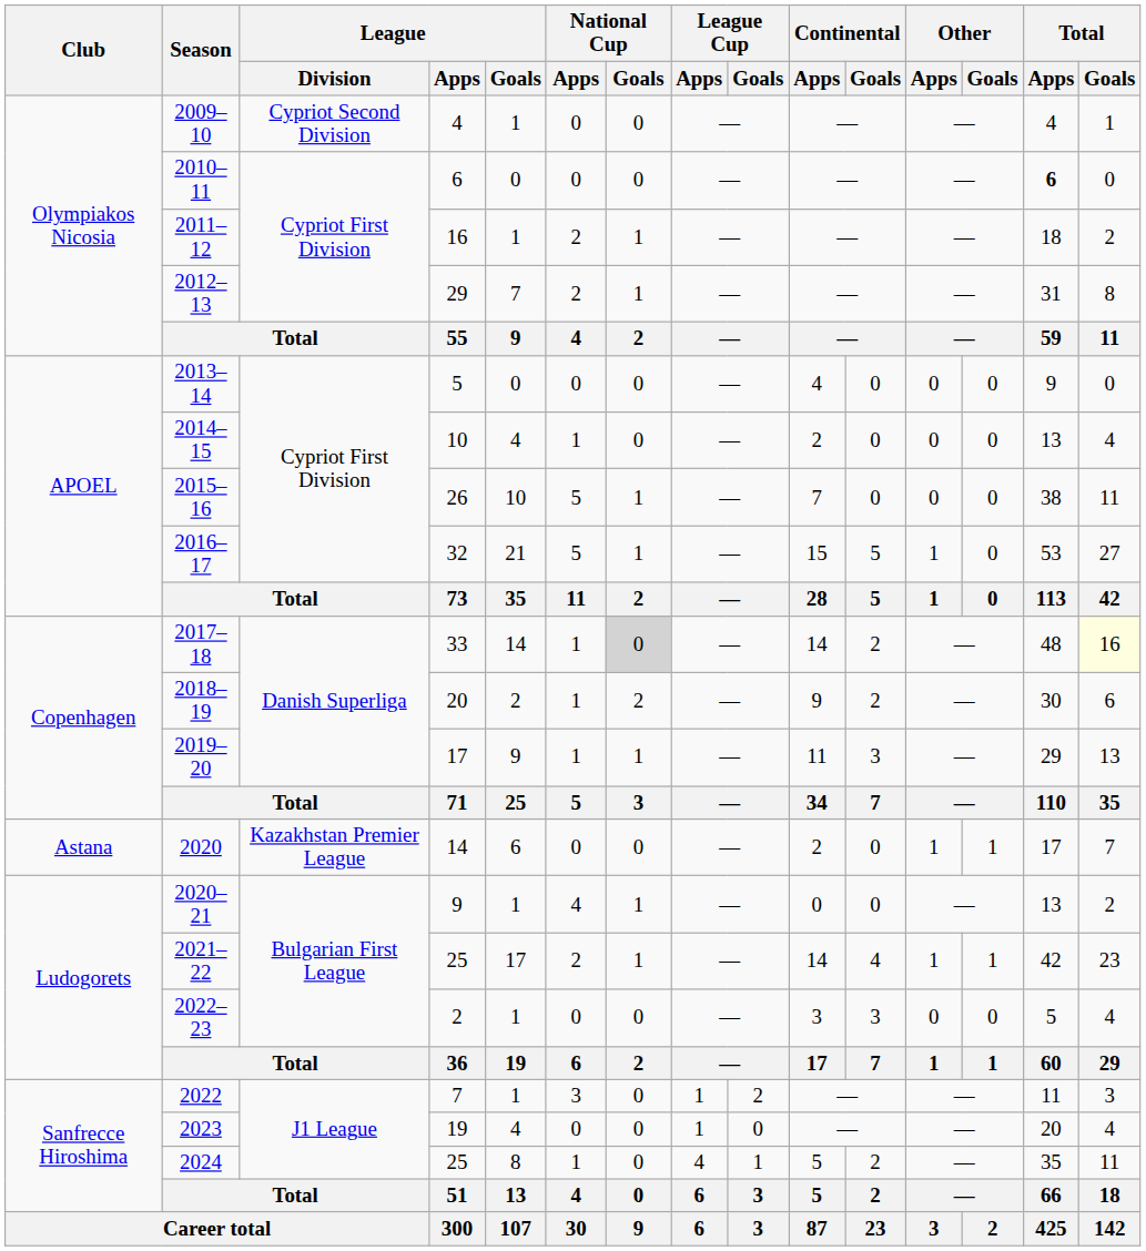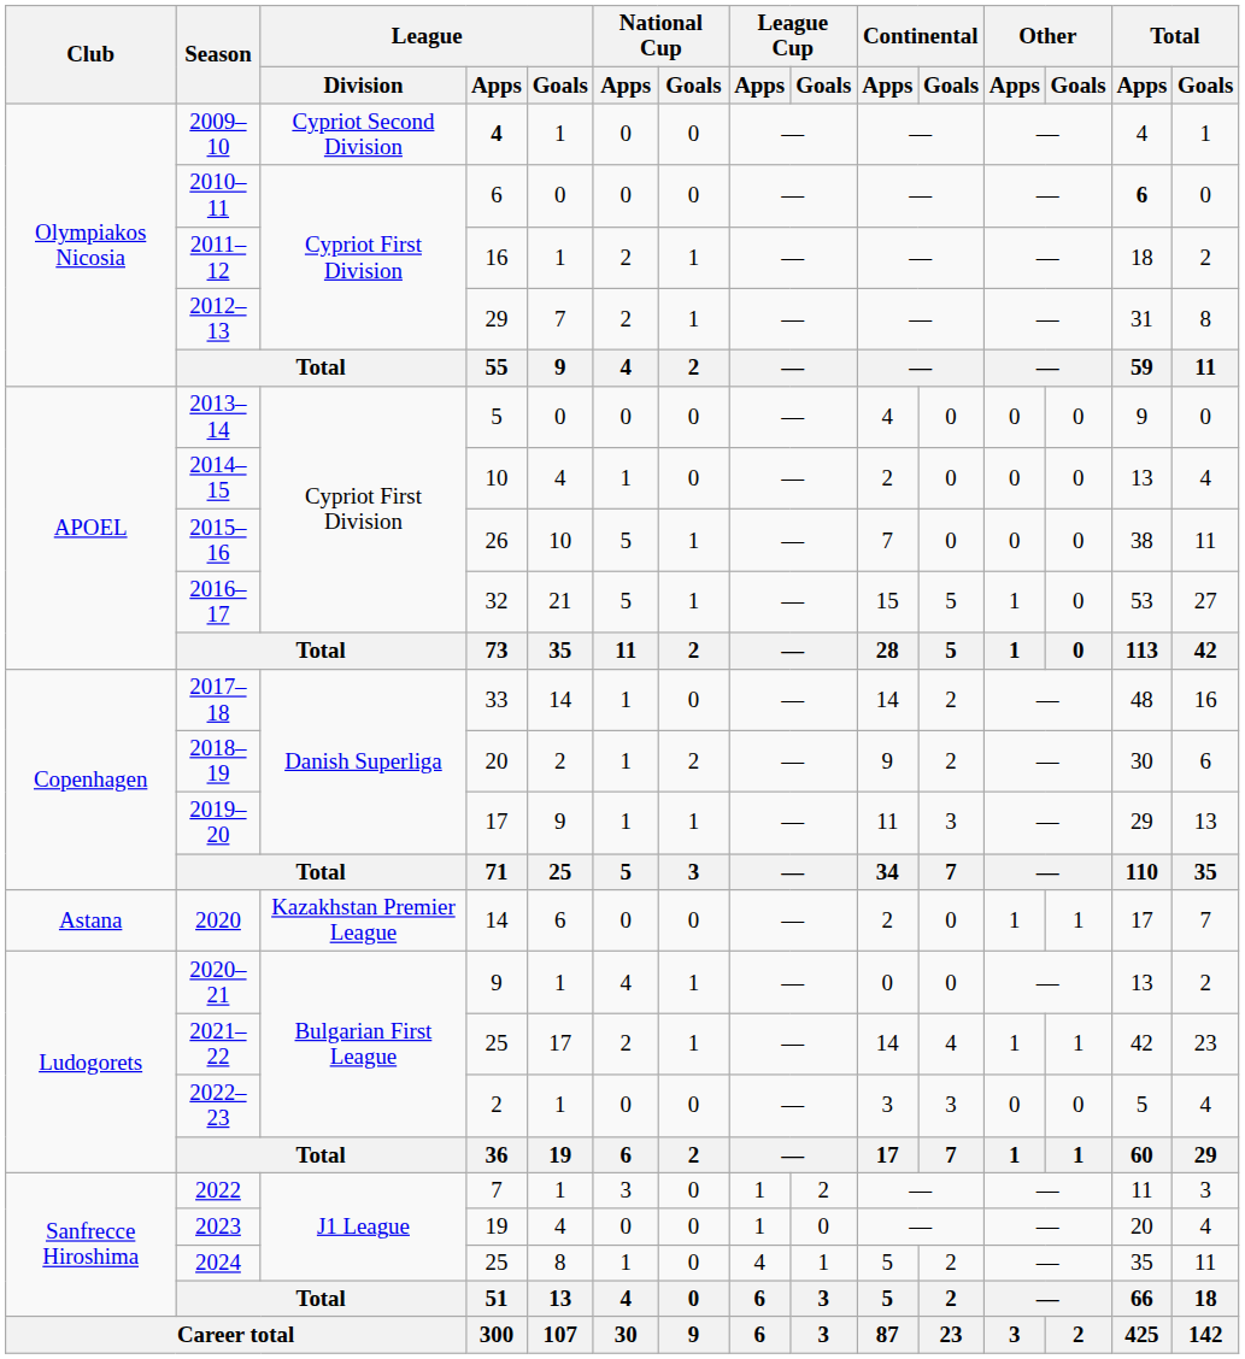 <table class="wikitable" style="text-align: center">
 <tr>
 <th rowspan="2">Club</th>
 <th rowspan="2">Season</th>
 <th colspan="3">League</th>
 <th colspan="2">National Cup</th>
 <th colspan="2">League Cup</th>
 <th colspan="2">Continental</th>
 <th colspan="2">Other</th>
 <th colspan="2">Total</th>
 </tr>
 <tr>
 <th>Division</th>
 <th>Apps</th>
 <th>Goals</th>
 <th>Apps</th>
 <th>Goals</th>
 <th>Apps</th>
 <th>Goals</th>
 <th>Apps</th>
 <th>Goals</th>
 <th>Apps</th>
 <th>Goals</th>
 <th>Apps</th>
 <th>Goals</th>
 </tr>
 <tr>
 <td rowspan="5"><a href='#'>Olympiakos Nicosia</a></td>
 <td><a href='#'>2009–10</a></td>
 <td><a href='#'>Cypriot Second Division</a></td>
-<td>4</td>
+<td><strong>4</strong></td>
 <td>1</td>
 <td>0</td>
 <td>0</td>
 <td colspan="2">—</td>
 <td colspan="2">—</td>
 <td colspan="2">—</td>
 <td>4</td>
 <td>1</td>
 </tr>
 <tr>
 <td><a href='#'>2010–11</a></td>
 <td rowspan="3"><a href='#'>Cypriot First Division</a></td>
 <td>6</td>
 <td>0</td>
 <td>0</td>
 <td>0</td>
 <td colspan="2">—</td>
 <td colspan="2">—</td>
 <td colspan="2">—</td>
 <td><strong>6</strong></td>
 <td>0</td>
 </tr>
 <tr>
 <td><a href='#'>2011–12</a></td>
 <td>16</td>
 <td>1</td>
 <td>2</td>
 <td>1</td>
 <td colspan="2">—</td>
 <td colspan="2">—</td>
 <td colspan="2">—</td>
 <td>18</td>
 <td>2</td>
 </tr>
 <tr>
 <td><a href='#'>2012–13</a></td>
 <td>29</td>
 <td>7</td>
 <td>2</td>
 <td>1</td>
 <td colspan="2">—</td>
 <td colspan="2">—</td>
 <td colspan="2">—</td>
 <td>31</td>
 <td>8</td>
 </tr>
 <tr>
 <th colspan="2">Total</th>
 <th>55</th>
 <th>9</th>
 <th>4</th>
 <th>2</th>
 <th colspan="2">—</th>
 <th colspan="2">—</th>
 <th colspan="2">—</th>
 <th>59</th>
 <th>11</th>
 </tr>
 <tr>
 <td rowspan="5"><a href='#'>APOEL</a></td>
 <td><a href='#'>2013–14</a></td>
 <td rowspan="4">Cypriot First Division</td>
 <td>5</td>
 <td>0</td>
 <td>0</td>
 <td>0</td>
 <td colspan="2">—</td>
 <td>4</td>
 <td>0</td>
 <td>0</td>
 <td>0</td>
 <td>9</td>
 <td>0</td>
 </tr>
 <tr>
 <td><a href='#'>2014–15</a></td>
 <td>10</td>
 <td>4</td>
 <td>1</td>
 <td>0</td>
 <td colspan="2">—</td>
 <td>2</td>
 <td>0</td>
 <td>0</td>
 <td>0</td>
 <td>13</td>
 <td>4</td>
 </tr>
 <tr>
 <td><a href='#'>2015–16</a></td>
 <td>26</td>
 <td>10</td>
 <td>5</td>
 <td>1</td>
 <td colspan="2">—</td>
 <td>7</td>
 <td>0</td>
 <td>0</td>
 <td>0</td>
 <td>38</td>
 <td>11</td>
 </tr>
 <tr>
 <td><a href='#'>2016–17</a></td>
 <td>32</td>
 <td>21</td>
 <td>5</td>
 <td>1</td>
 <td colspan="2">—</td>
 <td>15</td>
 <td>5</td>
 <td>1</td>
 <td>0</td>
 <td>53</td>
 <td>27</td>
 </tr>
 <tr>
 <th colspan="2">Total</th>
 <th>73</th>
 <th>35</th>
 <th>11</th>
 <th>2</th>
 <th colspan="2">—</th>
 <th>28</th>
 <th>5</th>
 <th>1</th>
 <th>0</th>
 <th>113</th>
 <th>42</th>
 </tr>
 <tr>
 <td rowspan="4"><a href='#'>Copenhagen</a></td>
 <td><a href='#'>2017–18</a></td>
 <td rowspan="3"><a href='#'>Danish Superliga</a></td>
 <td>33</td>
 <td>14</td>
 <td>1</td>
-<td style="background: lightgrey;">0</td>
+<td>0</td>
 <td colspan="2">—</td>
 <td>14</td>
 <td>2</td>
 <td colspan="2">—</td>
 <td>48</td>
-<td style="background: lightyellow;">16</td>
+<td>16</td>
 </tr>
 <tr>
 <td><a href='#'>2018–19</a></td>
 <td>20</td>
 <td>2</td>
 <td>1</td>
 <td>2</td>
 <td colspan="2">—</td>
 <td>9</td>
 <td>2</td>
 <td colspan="2">—</td>
 <td>30</td>
 <td>6</td>
 </tr>
 <tr>
 <td><a href='#'>2019–20</a></td>
 <td>17</td>
 <td>9</td>
 <td>1</td>
 <td>1</td>
 <td colspan="2">—</td>
 <td>11</td>
 <td>3</td>
 <td colspan="2">—</td>
 <td>29</td>
 <td>13</td>
 </tr>
 <tr>
 <th colspan="2">Total</th>
 <th>71</th>
 <th>25</th>
 <th>5</th>
 <th>3</th>
 <th colspan="2">—</th>
 <th>34</th>
 <th>7</th>
 <th colspan="2">—</th>
 <th>110</th>
 <th>35</th>
 </tr>
 <tr>
 <td><a href='#'>Astana</a></td>
 <td><a href='#'>2020</a></td>
 <td><a href='#'>Kazakhstan Premier League</a></td>
 <td>14</td>
 <td>6</td>
 <td>0</td>
 <td>0</td>
 <td colspan="2">—</td>
 <td>2</td>
 <td>0</td>
 <td>1</td>
 <td>1</td>
 <td>17</td>
 <td>7</td>
 </tr>
 <tr>
 <td rowspan="4"><a href='#'>Ludogorets</a></td>
 <td><a href='#'>2020–21</a></td>
 <td rowspan="3"><a href='#'>Bulgarian First League</a></td>
 <td>9</td>
 <td>1</td>
 <td>4</td>
 <td>1</td>
 <td colspan="2">—</td>
 <td>0</td>
 <td>0</td>
 <td colspan="2">—</td>
 <td>13</td>
 <td>2</td>
 </tr>
 <tr>
 <td><a href='#'>2021–22</a></td>
 <td>25</td>
 <td>17</td>
 <td>2</td>
 <td>1</td>
 <td colspan="2">—</td>
 <td>14</td>
 <td>4</td>
 <td>1</td>
 <td>1</td>
 <td>42</td>
 <td>23</td>
 </tr>
 <tr>
 <td><a href='#'>2022–23</a></td>
 <td>2</td>
 <td>1</td>
 <td>0</td>
 <td>0</td>
 <td colspan="2">—</td>
 <td>3</td>
 <td>3</td>
 <td>0</td>
 <td>0</td>
 <td>5</td>
 <td>4</td>
 </tr>
 <tr>
 <th colspan="2">Total</th>
 <th>36</th>
 <th>19</th>
 <th>6</th>
 <th>2</th>
 <th colspan="2">—</th>
 <th>17</th>
 <th>7</th>
 <th>1</th>
 <th>1</th>
 <th>60</th>
 <th>29</th>
 </tr>
 <tr>
 <td rowspan="4"><a href='#'>Sanfrecce Hiroshima</a></td>
 <td><a href='#'>2022</a></td>
 <td rowspan="3"><a href='#'>J1 League</a></td>
 <td>7</td>
 <td>1</td>
 <td>3</td>
 <td>0</td>
 <td>1</td>
 <td>2</td>
 <td colspan="2">—</td>
 <td colspan="2">—</td>
 <td>11</td>
 <td>3</td>
 </tr>
 <tr>
 <td><a href='#'>2023</a></td>
 <td>19</td>
 <td>4</td>
 <td>0</td>
 <td>0</td>
 <td>1</td>
 <td>0</td>
 <td colspan="2">—</td>
 <td colspan="2">—</td>
 <td>20</td>
 <td>4</td>
 </tr>
 <tr>
 <td><a href='#'>2024</a></td>
 <td>25</td>
 <td>8</td>
 <td>1</td>
 <td>0</td>
 <td>4</td>
 <td>1</td>
 <td>5</td>
 <td>2</td>
 <td colspan="2">—</td>
 <td>35</td>
 <td>11</td>
 </tr>
 <tr>
 <th colspan="2">Total</th>
 <th>51</th>
 <th>13</th>
 <th>4</th>
 <th>0</th>
 <th>6</th>
 <th>3</th>
 <th>5</th>
 <th>2</th>
 <th colspan="2">—</th>
 <th>66</th>
 <th>18</th>
 </tr>
 <tr>
 <th colspan="3">Career total</th>
 <th>300</th>
 <th>107</th>
 <th>30</th>
 <th>9</th>
 <th>6</th>
 <th>3</th>
 <th>87</th>
 <th>23</th>
 <th>3</th>
 <th>2</th>
 <th>425</th>
 <th>142</th>
 </tr>
 </table>
